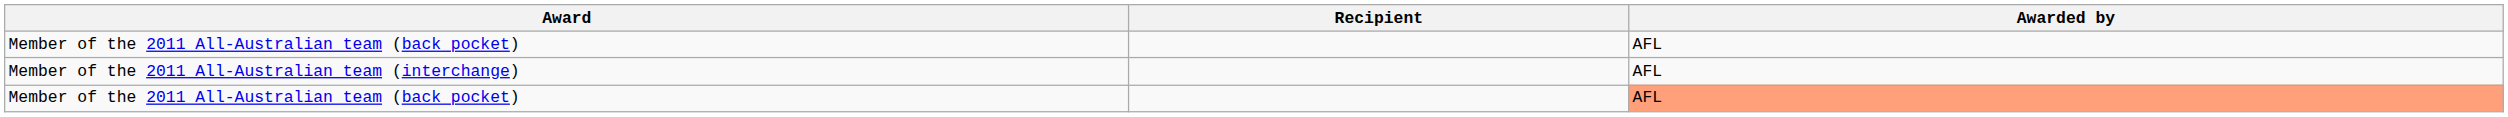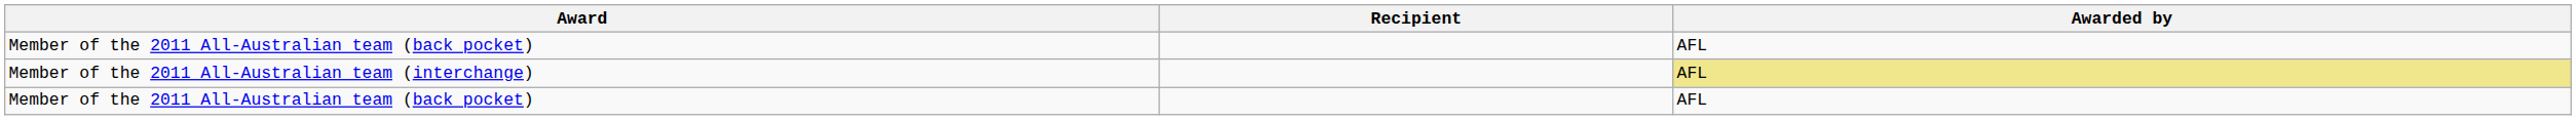 <table class="wikitable sortable" style="width:100%;">
 <tr style="background:#efefef;">
 <th style="width:45%;">Award</th>
 <th style="width:20%;">Recipient</th>
 <th style="width:35%;">Awarded by</th>
 </tr>
 <tr>
 <td>Member of the <a href='#'>2011 All-Australian team</a> (<a href='#'>back pocket</a>)</td>
 <td></td>
 <td>AFL</td>
 </tr>
 <tr>
 <td>Member of the <a href='#'>2011 All-Australian team</a> (<a href='#'>interchange</a>)</td>
 <td></td>
-<td>AFL</td>
+<td style="background: khaki;">AFL</td>
 </tr>
 <tr>
 <td>Member of the <a href='#'>2011 All-Australian team</a> (<a href='#'>back pocket</a>)</td>
 <td></td>
-<td style="background: lightsalmon;">AFL</td>
+<td>AFL</td>
 </tr>
 </table>
